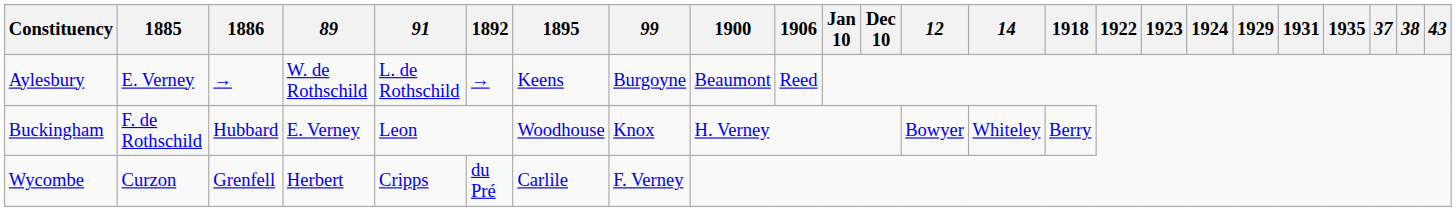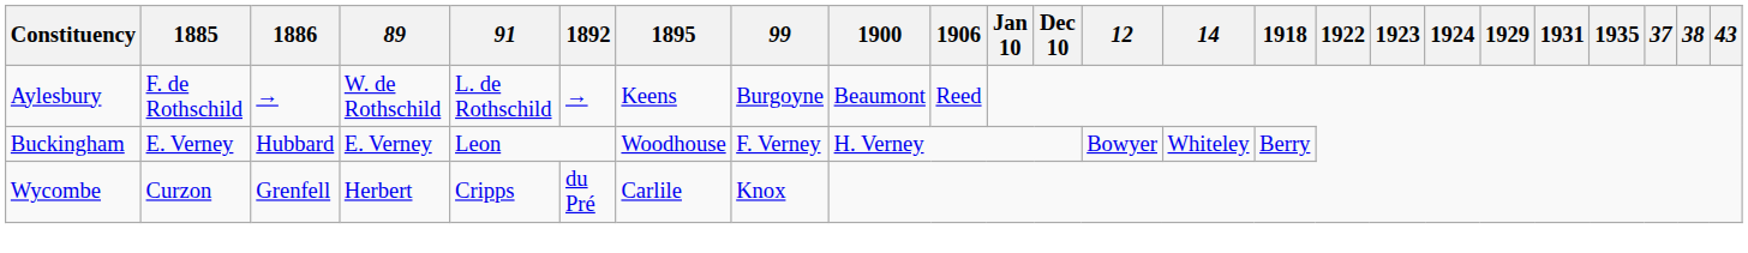 <table class="wikitable">
 <tr>
 <th>Constituency</th>
 <th>1885</th>
 <th>1886</th>
 <th><em>89</em></th>
 <th><em>91</em></th>
 <th>1892</th>
 <th>1895</th>
 <th><em>99</em></th>
 <th>1900</th>
 <th>1906</th>
 <th>Jan 10</th>
 <th>Dec 10</th>
 <th><em>12</em></th>
 <th><em>14</em></th>
 <th>1918</th>
 <th>1922</th>
 <th>1923</th>
 <th>1924</th>
 <th>1929</th>
 <th>1931</th>
 <th>1935</th>
 <th><em>37</em></th>
 <th><em>38</em></th>
 <th><em>43</em></th>
 </tr>
 <tr>
 <td><a href='#'>Aylesbury</a></td>
-<td><a href='#'>E. Verney</a></td>
+<td><a href='#'>F. de Rothschild</a></td>
 <td><a href='#'><span>→</span></a></td>
 <td><a href='#'><span>W. de Rothschild</span></a></td>
 <td><a href='#'><span>L. de Rothschild</span></a></td>
 <td><a href='#'>→</a></td>
 <td><a href='#'>Keens</a></td>
 <td><a href='#'>Burgoyne</a></td>
 <td><a href='#'>Beaumont</a></td>
 <td><a href='#'>Reed</a></td>
 </tr>
 <tr>
 <td><a href='#'>Buckingham</a></td>
-<td><a href='#'>F. de Rothschild</a></td>
+<td><a href='#'>E. Verney</a></td>
 <td><a href='#'>Hubbard</a></td>
 <td><a href='#'>E. Verney</a></td>
 <td colspan="2"><a href='#'>Leon</a></td>
 <td><a href='#'>Woodhouse</a></td>
-<td><a href='#'>Knox</a></td>
+<td><a href='#'>F. Verney</a></td>
 <td colspan="4"><a href='#'>H. Verney</a></td>
 <td><a href='#'>Bowyer</a></td>
 <td><a href='#'>Whiteley</a></td>
 <td><a href='#'>Berry</a></td>
 </tr>
 <tr>
 <td><a href='#'>Wycombe</a></td>
 <td><a href='#'>Curzon</a></td>
 <td><a href='#'>Grenfell</a></td>
 <td><a href='#'>Herbert</a></td>
 <td><a href='#'>Cripps</a></td>
 <td><a href='#'>du Pré</a></td>
 <td><a href='#'>Carlile</a></td>
-<td><a href='#'>F. Verney</a></td>
+<td><a href='#'>Knox</a></td>
 </tr>
 </table>
